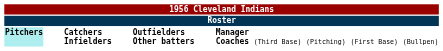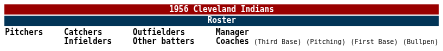 <table class="toccolours" style="font-size: 95%;">
 <tr>
 <th colspan="10" style="background-color: #990000; color: white; text-align: center;">1956 Cleveland Indians</th>
 </tr>
 <tr>
 <td colspan="10" style="background-color: #023456; color: white; text-align: center;"><strong>Roster</strong></td>
 </tr>
 <tr>
-<td valign="top" style="background: paleturquoise;"><strong>Pitchers</strong><br>           </td>
+<td valign="top"><strong>Pitchers</strong><br>           </td>
 <td width="25px"></td>
 <td valign="top"><strong>Catchers</strong><br>    <strong>Infielders</strong>        </td>
 <td width="25px"></td>
 <td valign="top"><strong>Outfielders</strong><br>         <strong>Other batters</strong>  </td>
 <td width="25px"></td>
 <td valign="top"><strong>Manager</strong><br> <strong>Coaches</strong>  <small>(Third Base)</small>  <small>(Pitching)</small>  <small>(First Base)</small>   <small>(Bullpen)</small></td>
 </tr>
 </table>
